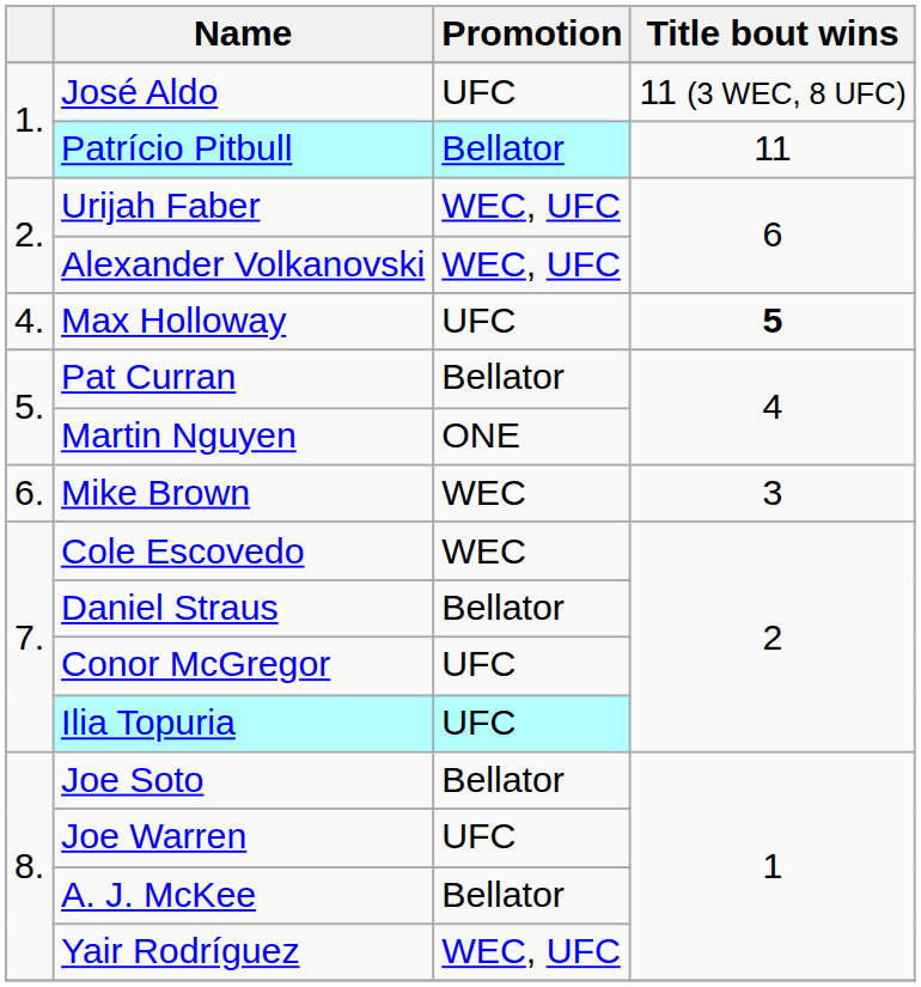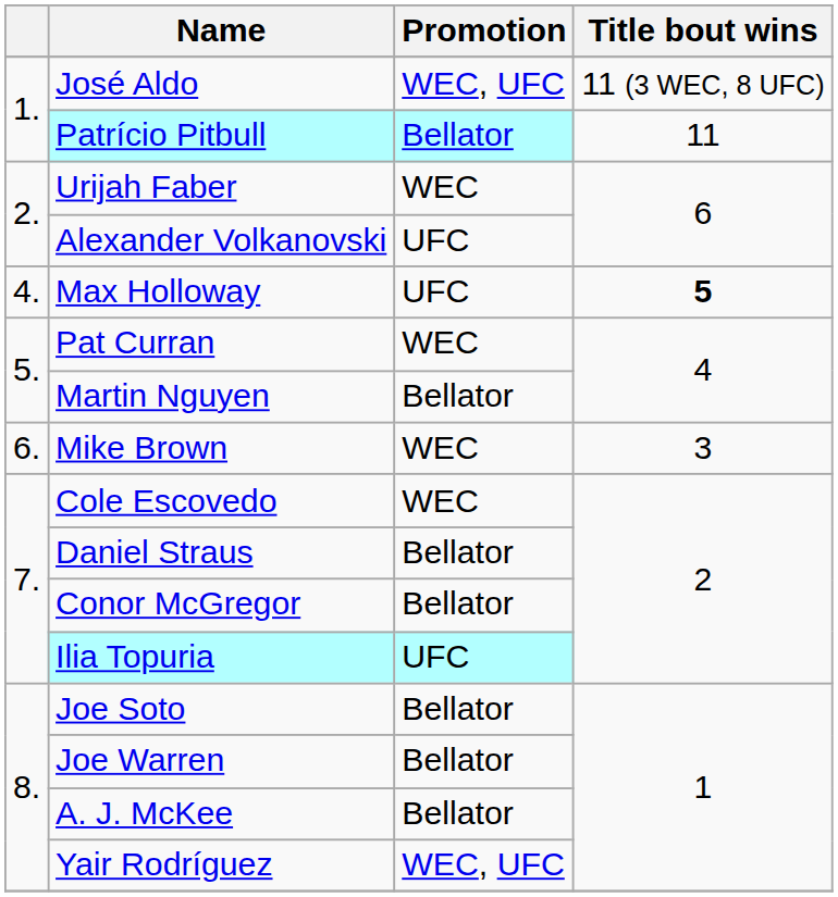 <table class="sortable wikitable">
 <tr>
 <th></th>
 <th>Name</th>
 <th>Promotion</th>
 <th>Title bout wins</th>
 </tr>
 <tr>
 </tr>
 <tr bgcolor=>
 </tr>
 <tr>
 <td rowspan="2”">1.</td>
 <td> <a href='#'>José Aldo</a></td>
-<td>UFC</td>
+<td><a href='#'>WEC</a>, <a href='#'>UFC</a></td>
 <td align="center">11 <small>(3 WEC, 8 UFC)</small></td>
 </tr>
 <tr>
 <td style="background: #B2FFFF; color: ;"> <a href='#'>Patrício Pitbull</a></td>
 <td style="background: #B2FFFF; color: ;"><a href='#'>Bellator</a></td>
 <td align="center">11</td>
 </tr>
 <tr>
 <td rowspan="2”">2.</td>
 <td> <a href='#'>Urijah Faber</a></td>
-<td><a href='#'>WEC</a>, <a href='#'>UFC</a></td>
+<td>WEC</td>
 <td rowspan="2" align="center">6</td>
 </tr>
 <tr>
 <td> <a href='#'>Alexander Volkanovski</a></td>
-<td><a href='#'>WEC</a>, <a href='#'>UFC</a></td>
+<td>UFC</td>
 </tr>
 <tr>
 <td>4.</td>
 <td> <a href='#'>Max Holloway</a></td>
 <td>UFC</td>
 <td align="center"><strong>5</strong></td>
 </tr>
 <tr>
 <td rowspan="2”">5.</td>
 <td> <a href='#'>Pat Curran</a></td>
-<td>Bellator</td>
+<td>WEC</td>
 <td rowspan="2" align="center">4</td>
 </tr>
 <tr>
 <td> <a href='#'>Martin Nguyen</a></td>
-<td>ONE</td>
+<td>Bellator</td>
 </tr>
 <tr>
 <td>6.</td>
 <td> <a href='#'>Mike Brown</a></td>
 <td>WEC</td>
 <td align="center">3</td>
 </tr>
 <tr>
 <td rowspan="4”">7.</td>
 <td> <a href='#'>Cole Escovedo</a></td>
 <td>WEC</td>
 <td rowspan="4" align="center">2</td>
 </tr>
 <tr>
 <td> <a href='#'>Daniel Straus</a></td>
 <td>Bellator</td>
 </tr>
 <tr>
 <td> <a href='#'>Conor McGregor</a></td>
-<td>UFC</td>
+<td>Bellator</td>
 </tr>
 <tr>
 <td style="background: #B2FFFF; color: ;"> <a href='#'>Ilia Topuria</a></td>
 <td style="background: #B2FFFF; color: ;">UFC</td>
 </tr>
 <tr>
 <td rowspan="4">8.</td>
 <td> <a href='#'>Joe Soto</a></td>
 <td>Bellator</td>
 <td rowspan="4" align="center">1</td>
 </tr>
 <tr>
 <td> <a href='#'>Joe Warren</a></td>
-<td>UFC</td>
+<td>Bellator</td>
 </tr>
 <tr>
 <td> <a href='#'>A. J. McKee</a></td>
 <td>Bellator</td>
 </tr>
 <tr>
 <td> <a href='#'>Yair Rodríguez</a></td>
 <td><a href='#'>WEC</a>, <a href='#'>UFC</a></td>
 </tr>
 <tr>
 </tr>
 </table>
